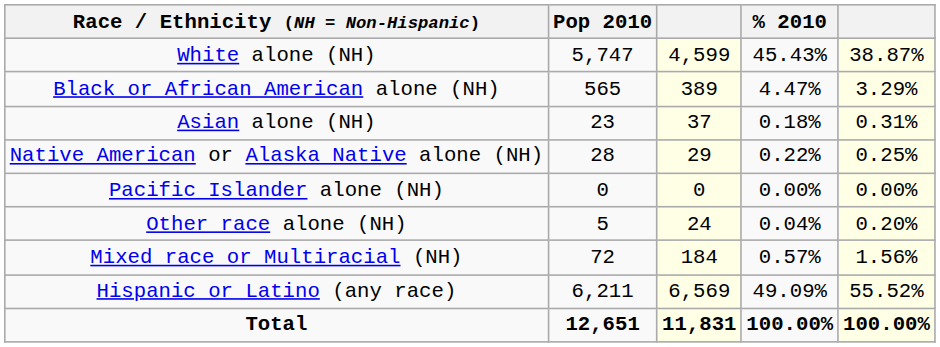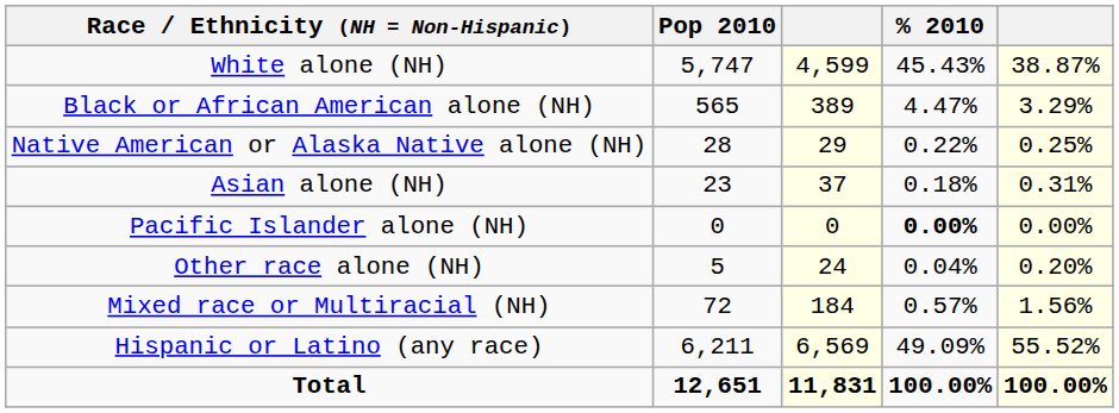 <table class="wikitable" style="text-align:center;">
 <tr>
 <th>Race / Ethnicity <small>(<em>NH = Non-Hispanic</em>)</small></th>
 <th>Pop 2010</th>
 <th></th>
 <th>% 2010</th>
 <th></th>
 </tr>
 <tr>
 <td><a href='#'>White</a> alone (NH)</td>
 <td>5,747</td>
 <td style='background: #ffffe6;'>4,599</td>
 <td>45.43%</td>
 <td style='background: #ffffe6;'>38.87%</td>
 </tr>
 <tr>
 <td><a href='#'>Black or African American</a> alone (NH)</td>
 <td>565</td>
 <td style='background: #ffffe6;'>389</td>
 <td>4.47%</td>
 <td style='background: #ffffe6;'>3.29%</td>
 </tr>
 <tr>
+<td><a href='#'>Native American</a> or <a href='#'>Alaska Native</a> alone (NH)</td>
+<td>28</td>
+<td style='background: #ffffe6;'>29</td>
+<td>0.22%</td>
+<td style='background: #ffffe6;'>0.25%</td>
+</tr>
+<tr>
 <td><a href='#'>Asian</a> alone (NH)</td>
 <td>23</td>
 <td style='background: #ffffe6;'>37</td>
 <td>0.18%</td>
 <td style='background: #ffffe6;'>0.31%</td>
 </tr>
 <tr>
-<td><a href='#'>Native American</a> or <a href='#'>Alaska Native</a> alone (NH)</td>
-<td>28</td>
-<td style='background: #ffffe6;'>29</td>
-<td>0.22%</td>
-<td style='background: #ffffe6;'>0.25%</td>
-</tr>
-<tr>
 <td><a href='#'>Pacific Islander</a> alone (NH)</td>
 <td>0</td>
 <td style='background: #ffffe6;'>0</td>
-<td>0.00%</td>
+<td><strong>0.00%</strong></td>
 <td style='background: #ffffe6;'>0.00%</td>
 </tr>
 <tr>
 <td><a href='#'>Other race</a> alone (NH)</td>
 <td>5</td>
 <td style='background: #ffffe6;'>24</td>
 <td>0.04%</td>
 <td style='background: #ffffe6;'>0.20%</td>
 </tr>
 <tr>
 <td><a href='#'>Mixed race or Multiracial</a> (NH)</td>
 <td>72</td>
 <td style='background: #ffffe6;'>184</td>
 <td>0.57%</td>
 <td style='background: #ffffe6;'>1.56%</td>
 </tr>
 <tr>
 <td><a href='#'>Hispanic or Latino</a> (any race)</td>
 <td>6,211</td>
 <td style='background: #ffffe6;'>6,569</td>
 <td>49.09%</td>
 <td style='background: #ffffe6;'>55.52%</td>
 </tr>
 <tr>
 <td><strong>Total</strong></td>
 <td><strong>12,651</strong></td>
 <td style='background: #ffffe6;'><strong>11,831</strong></td>
 <td><strong>100.00%</strong></td>
 <td style='background: #ffffe6;'><strong>100.00%</strong></td>
 </tr>
 </table>
